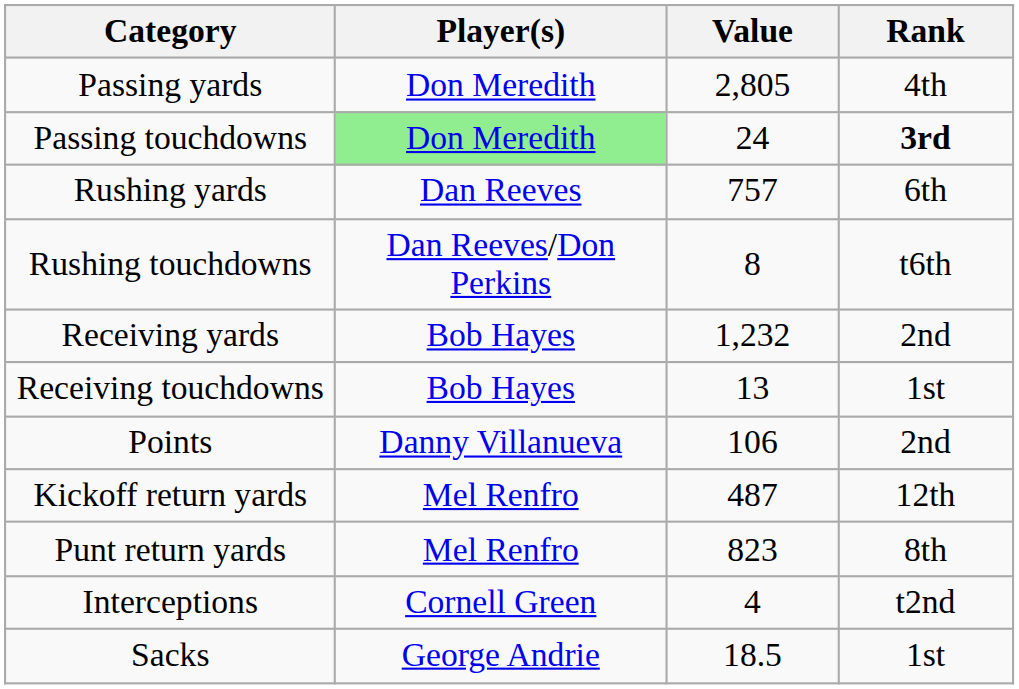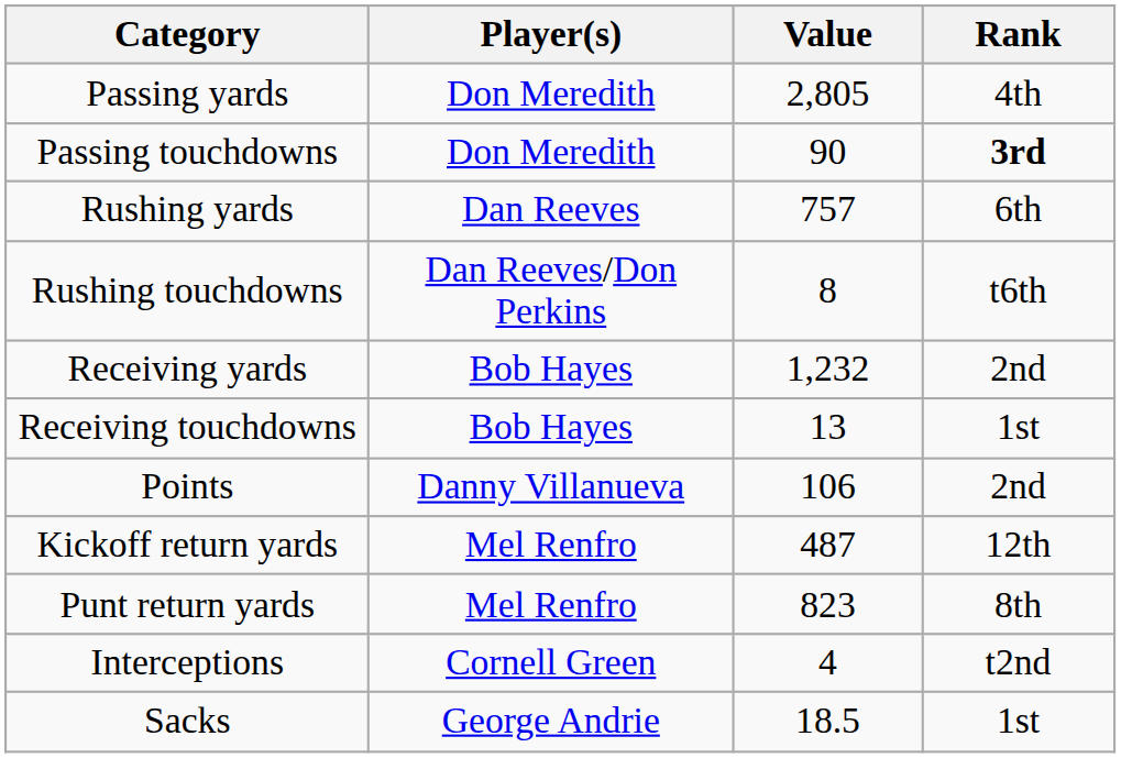 <table class="wikitable" style="text-align:center">
 <tr>
 <th width=150px>Category</th>
 <th width=150px>Player(s)</th>
 <th width=75px>Value</th>
 <th width=75px>Rank</th>
 </tr>
 <tr>
 <td>Passing yards</td>
 <td><a href='#'>Don Meredith</a></td>
 <td>2,805</td>
 <td>4th</td>
 </tr>
 <tr>
 <td>Passing touchdowns</td>
-<td style="background: lightgreen;"><a href='#'>Don Meredith</a></td>
-<td>24</td>
+<td><a href='#'>Don Meredith</a></td>
+<td>90</td>
 <td><strong>3rd</strong></td>
 </tr>
 <tr>
 <td>Rushing yards</td>
 <td><a href='#'>Dan Reeves</a></td>
 <td>757</td>
 <td>6th</td>
 </tr>
 <tr>
 <td>Rushing touchdowns</td>
 <td><a href='#'>Dan Reeves</a>/<a href='#'>Don Perkins</a></td>
 <td>8</td>
 <td>t6th</td>
 </tr>
 <tr>
 <td>Receiving yards</td>
 <td><a href='#'>Bob Hayes</a></td>
 <td>1,232</td>
 <td>2nd</td>
 </tr>
 <tr>
 <td>Receiving touchdowns</td>
 <td><a href='#'>Bob Hayes</a></td>
 <td>13</td>
 <td>1st</td>
 </tr>
 <tr>
 <td>Points</td>
 <td><a href='#'>Danny Villanueva</a></td>
 <td>106</td>
 <td>2nd</td>
 </tr>
 <tr>
 <td>Kickoff return yards</td>
 <td><a href='#'>Mel Renfro</a></td>
 <td>487</td>
 <td>12th</td>
 </tr>
 <tr>
 <td>Punt return yards</td>
 <td><a href='#'>Mel Renfro</a></td>
 <td>823</td>
 <td>8th</td>
 </tr>
 <tr>
 <td>Interceptions</td>
 <td><a href='#'>Cornell Green</a></td>
 <td>4</td>
 <td>t2nd</td>
 </tr>
 <tr>
 <td>Sacks</td>
 <td><a href='#'>George Andrie</a></td>
 <td>18.5</td>
 <td>1st</td>
 </tr>
 </table>
